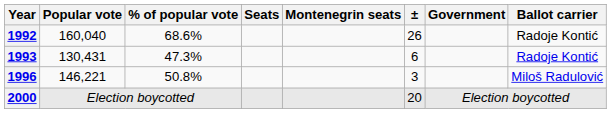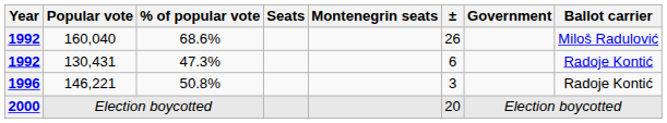 <table class="wikitable" style="text-align:center">
 <tr>
 <th>Year</th>
 <th>Popular vote</th>
 <th>% of popular vote</th>
 <th>Seats</th>
 <th>Montenegrin seats</th>
 <th>±</th>
 <th>Government</th>
 <th>Ballot carrier</th>
 </tr>
 <tr>
 <th><a href='#'>1992</a></th>
 <td>160,040</td>
 <td>68.6%</td>
 <td></td>
 <td></td>
 <td> 26</td>
 <td></td>
-<td>Radoje Kontić</td>
+<td><a href='#'>Miloš Radulović</a></td>
 </tr>
 <tr>
-<th><a href='#'>1993</a></th>
+<th><a href='#'>1992</a></th>
 <td>130,431</td>
 <td>47.3%</td>
 <td></td>
 <td></td>
 <td> 6</td>
 <td></td>
 <td><a href='#'>Radoje Kontić</a></td>
 </tr>
 <tr>
 <th><a href='#'>1996</a></th>
 <td>146,221</td>
 <td>50.8%</td>
 <td></td>
 <td></td>
 <td> 3</td>
 <td></td>
-<td><a href='#'>Miloš Radulović</a></td>
+<td>Radoje Kontić</td>
 </tr>
 <tr>
 <th><a href='#'>2000</a></th>
 <td colspan=2 style="background:#E8E8E8;"><em>Election boycotted</em></td>
 <td style="background:#E8E8E8;"></td>
 <td style="background:#E8E8E8;"></td>
 <td style="background:#E8E8E8;"> 20</td>
 <td colspan=2 style="background:#E8E8E8;"><em>Election boycotted</em></td>
 </tr>
 </table>
